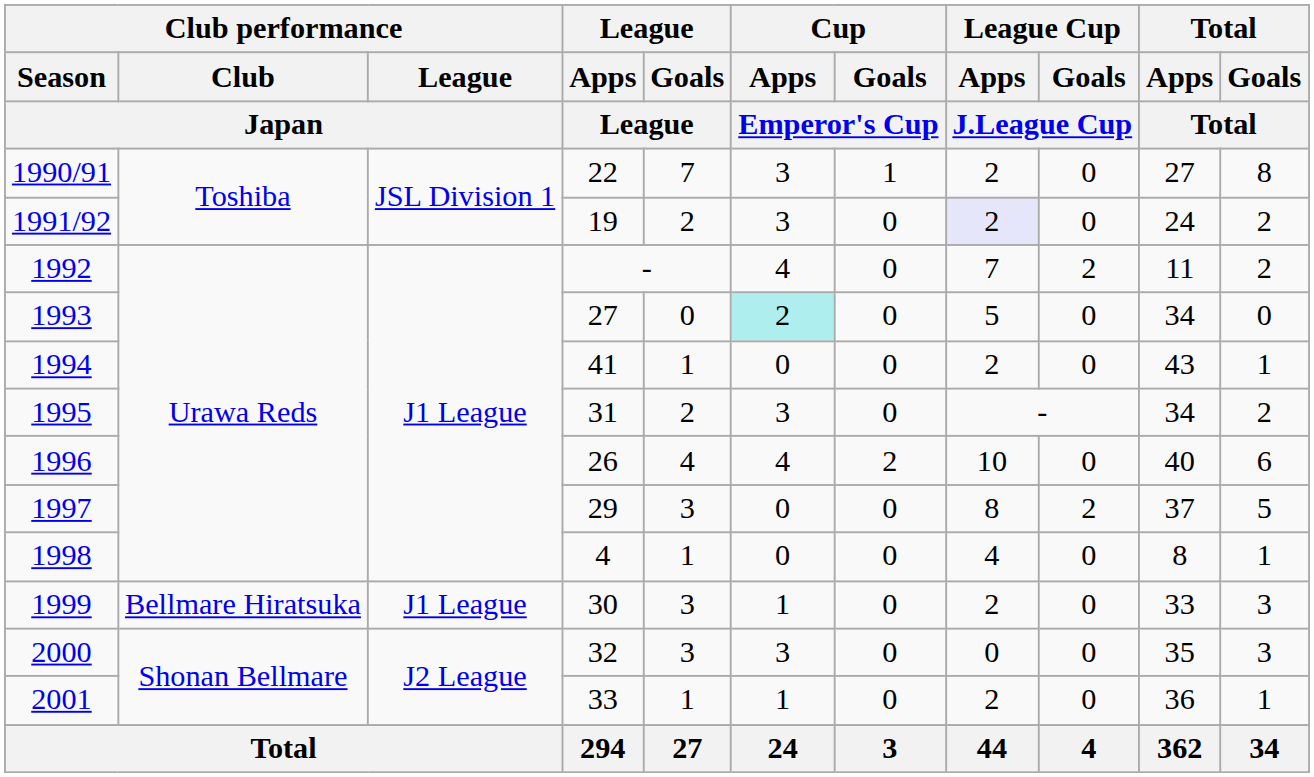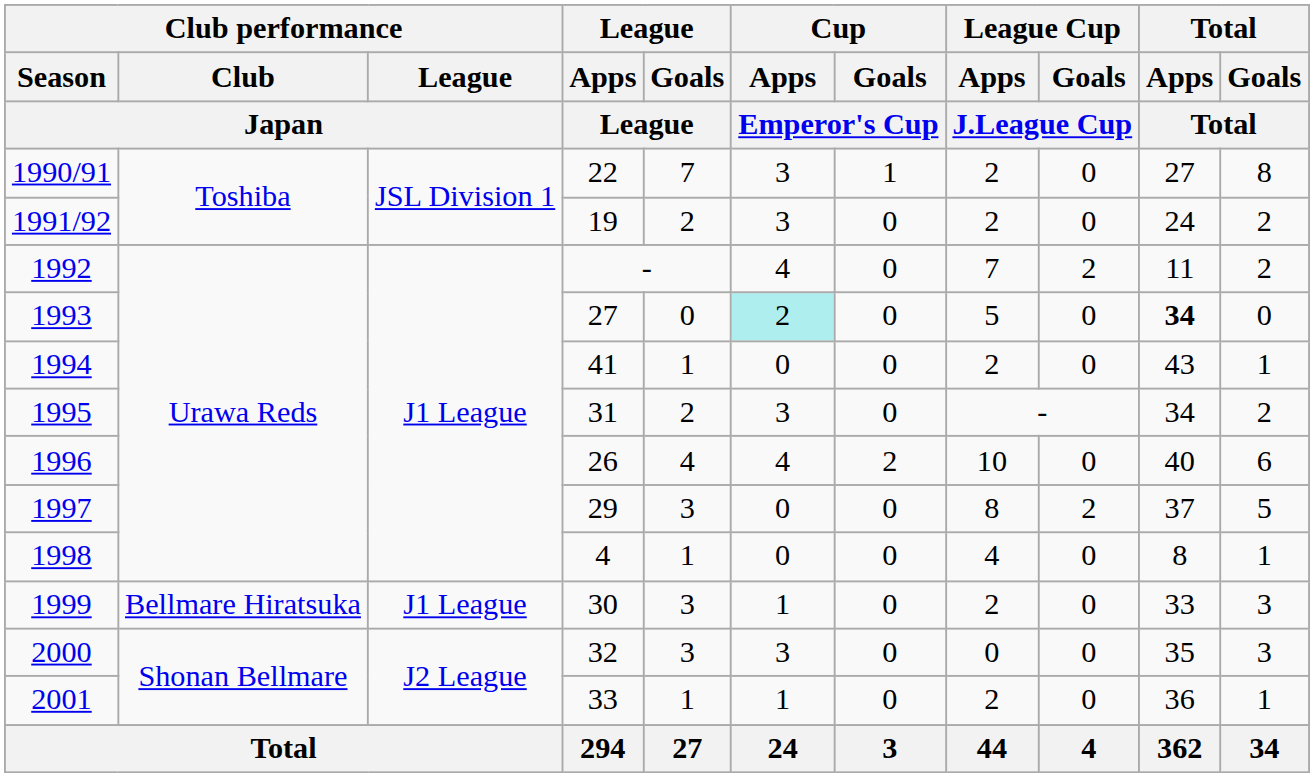 <table class="wikitable" style="text-align:center;">
 <tr>
 <th colspan=3>Club performance</th>
 <th colspan=2>League</th>
 <th colspan=2>Cup</th>
 <th colspan=2>League Cup</th>
 <th colspan=2>Total</th>
 </tr>
 <tr>
 <th>Season</th>
 <th>Club</th>
 <th>League</th>
 <th>Apps</th>
 <th>Goals</th>
 <th>Apps</th>
 <th>Goals</th>
 <th>Apps</th>
 <th>Goals</th>
 <th>Apps</th>
 <th>Goals</th>
 </tr>
 <tr>
 <th colspan=3>Japan</th>
 <th colspan=2>League</th>
 <th colspan=2><a href='#'>Emperor's Cup</a></th>
 <th colspan=2><a href='#'>J.League Cup</a></th>
 <th colspan=2>Total</th>
 </tr>
 <tr>
 <td><a href='#'>1990/91</a></td>
 <td rowspan="2"><a href='#'>Toshiba</a></td>
 <td rowspan="2"><a href='#'>JSL Division 1</a></td>
 <td>22</td>
 <td>7</td>
 <td>3</td>
 <td>1</td>
 <td>2</td>
 <td>0</td>
 <td>27</td>
 <td>8</td>
 </tr>
 <tr>
 <td><a href='#'>1991/92</a></td>
 <td>19</td>
 <td>2</td>
 <td>3</td>
 <td>0</td>
-<td style="background: lavender;">2</td>
+<td>2</td>
 <td>0</td>
 <td>24</td>
 <td>2</td>
 </tr>
 <tr>
 <td><a href='#'>1992</a></td>
 <td rowspan="7"><a href='#'>Urawa Reds</a></td>
 <td rowspan="7"><a href='#'>J1 League</a></td>
 <td colspan="2">-</td>
 <td>4</td>
 <td>0</td>
 <td>7</td>
 <td>2</td>
 <td>11</td>
 <td>2</td>
 </tr>
 <tr>
 <td><a href='#'>1993</a></td>
 <td>27</td>
 <td>0</td>
 <td style="background: paleturquoise;">2</td>
 <td>0</td>
 <td>5</td>
 <td>0</td>
-<td>34</td>
+<td><strong>34</strong></td>
 <td>0</td>
 </tr>
 <tr>
 <td><a href='#'>1994</a></td>
 <td>41</td>
 <td>1</td>
 <td>0</td>
 <td>0</td>
 <td>2</td>
 <td>0</td>
 <td>43</td>
 <td>1</td>
 </tr>
 <tr>
 <td><a href='#'>1995</a></td>
 <td>31</td>
 <td>2</td>
 <td>3</td>
 <td>0</td>
 <td colspan="2">-</td>
 <td>34</td>
 <td>2</td>
 </tr>
 <tr>
 <td><a href='#'>1996</a></td>
 <td>26</td>
 <td>4</td>
 <td>4</td>
 <td>2</td>
 <td>10</td>
 <td>0</td>
 <td>40</td>
 <td>6</td>
 </tr>
 <tr>
 <td><a href='#'>1997</a></td>
 <td>29</td>
 <td>3</td>
 <td>0</td>
 <td>0</td>
 <td>8</td>
 <td>2</td>
 <td>37</td>
 <td>5</td>
 </tr>
 <tr>
 <td><a href='#'>1998</a></td>
 <td>4</td>
 <td>1</td>
 <td>0</td>
 <td>0</td>
 <td>4</td>
 <td>0</td>
 <td>8</td>
 <td>1</td>
 </tr>
 <tr>
 <td><a href='#'>1999</a></td>
 <td><a href='#'>Bellmare Hiratsuka</a></td>
 <td><a href='#'>J1 League</a></td>
 <td>30</td>
 <td>3</td>
 <td>1</td>
 <td>0</td>
 <td>2</td>
 <td>0</td>
 <td>33</td>
 <td>3</td>
 </tr>
 <tr>
 <td><a href='#'>2000</a></td>
 <td rowspan="2"><a href='#'>Shonan Bellmare</a></td>
 <td rowspan="2"><a href='#'>J2 League</a></td>
 <td>32</td>
 <td>3</td>
 <td>3</td>
 <td>0</td>
 <td>0</td>
 <td>0</td>
 <td>35</td>
 <td>3</td>
 </tr>
 <tr>
 <td><a href='#'>2001</a></td>
 <td>33</td>
 <td>1</td>
 <td>1</td>
 <td>0</td>
 <td>2</td>
 <td>0</td>
 <td>36</td>
 <td>1</td>
 </tr>
 <tr>
 <th colspan=3>Total</th>
 <th>294</th>
 <th>27</th>
 <th>24</th>
 <th>3</th>
 <th>44</th>
 <th>4</th>
 <th>362</th>
 <th>34</th>
 </tr>
 </table>
